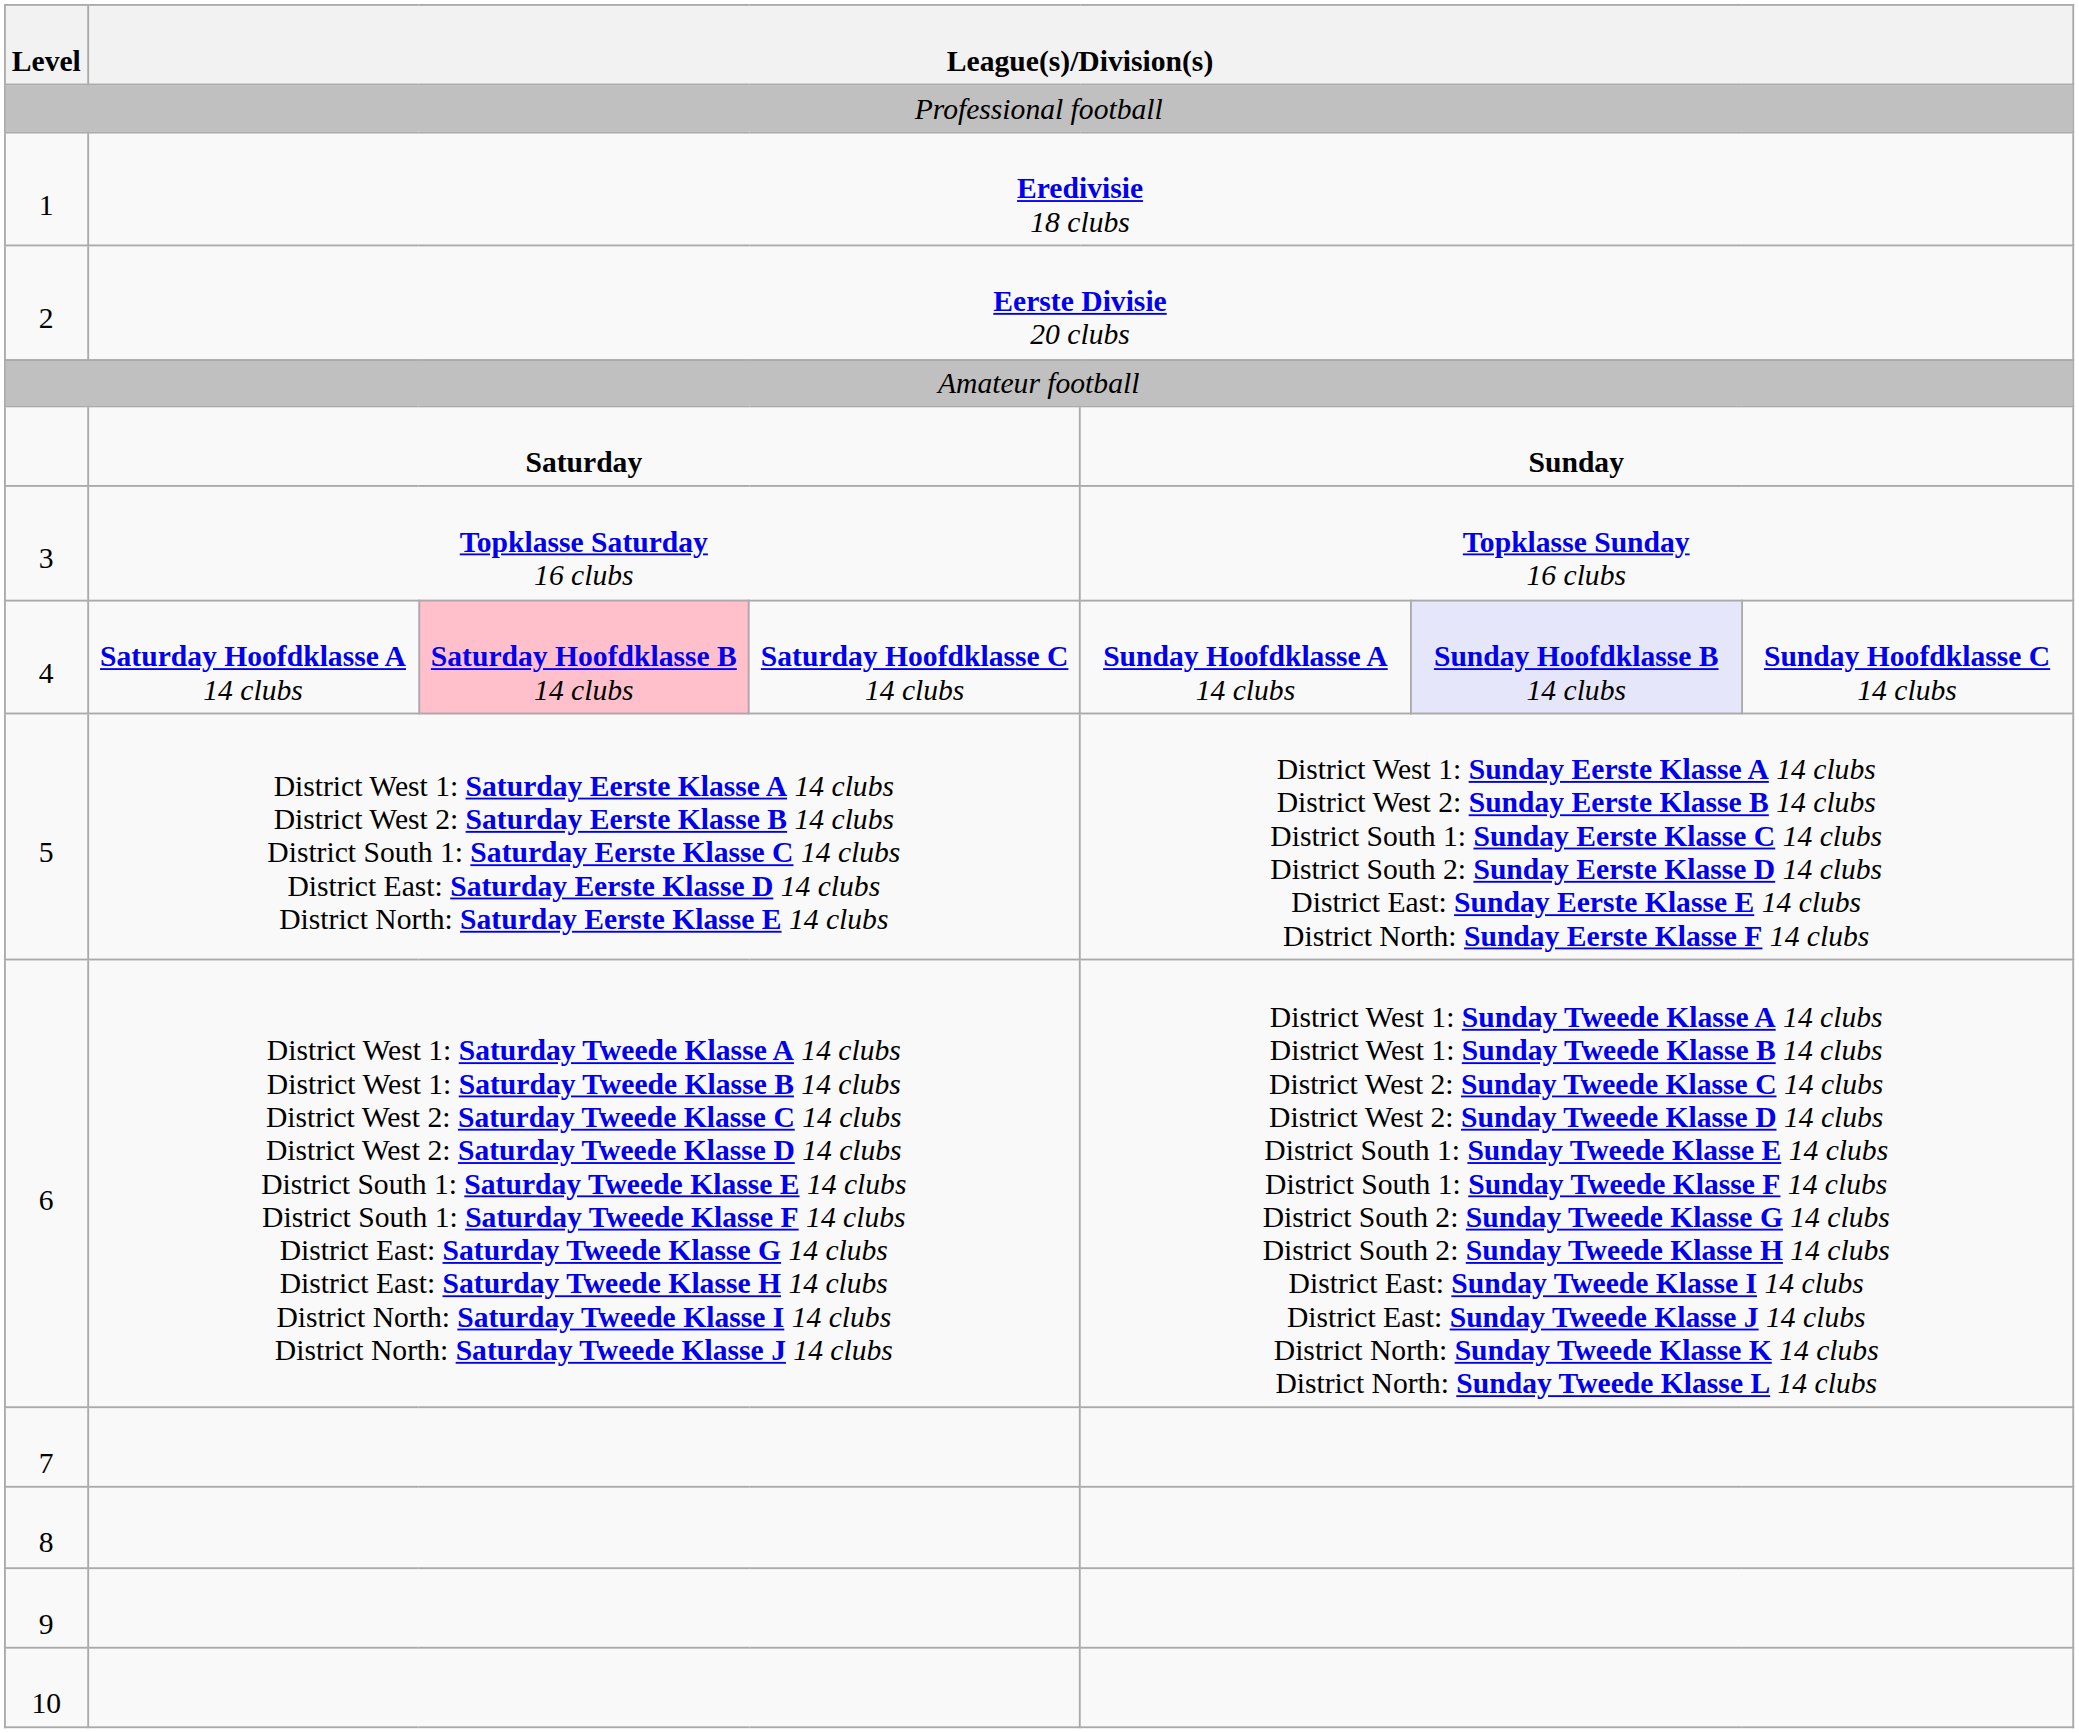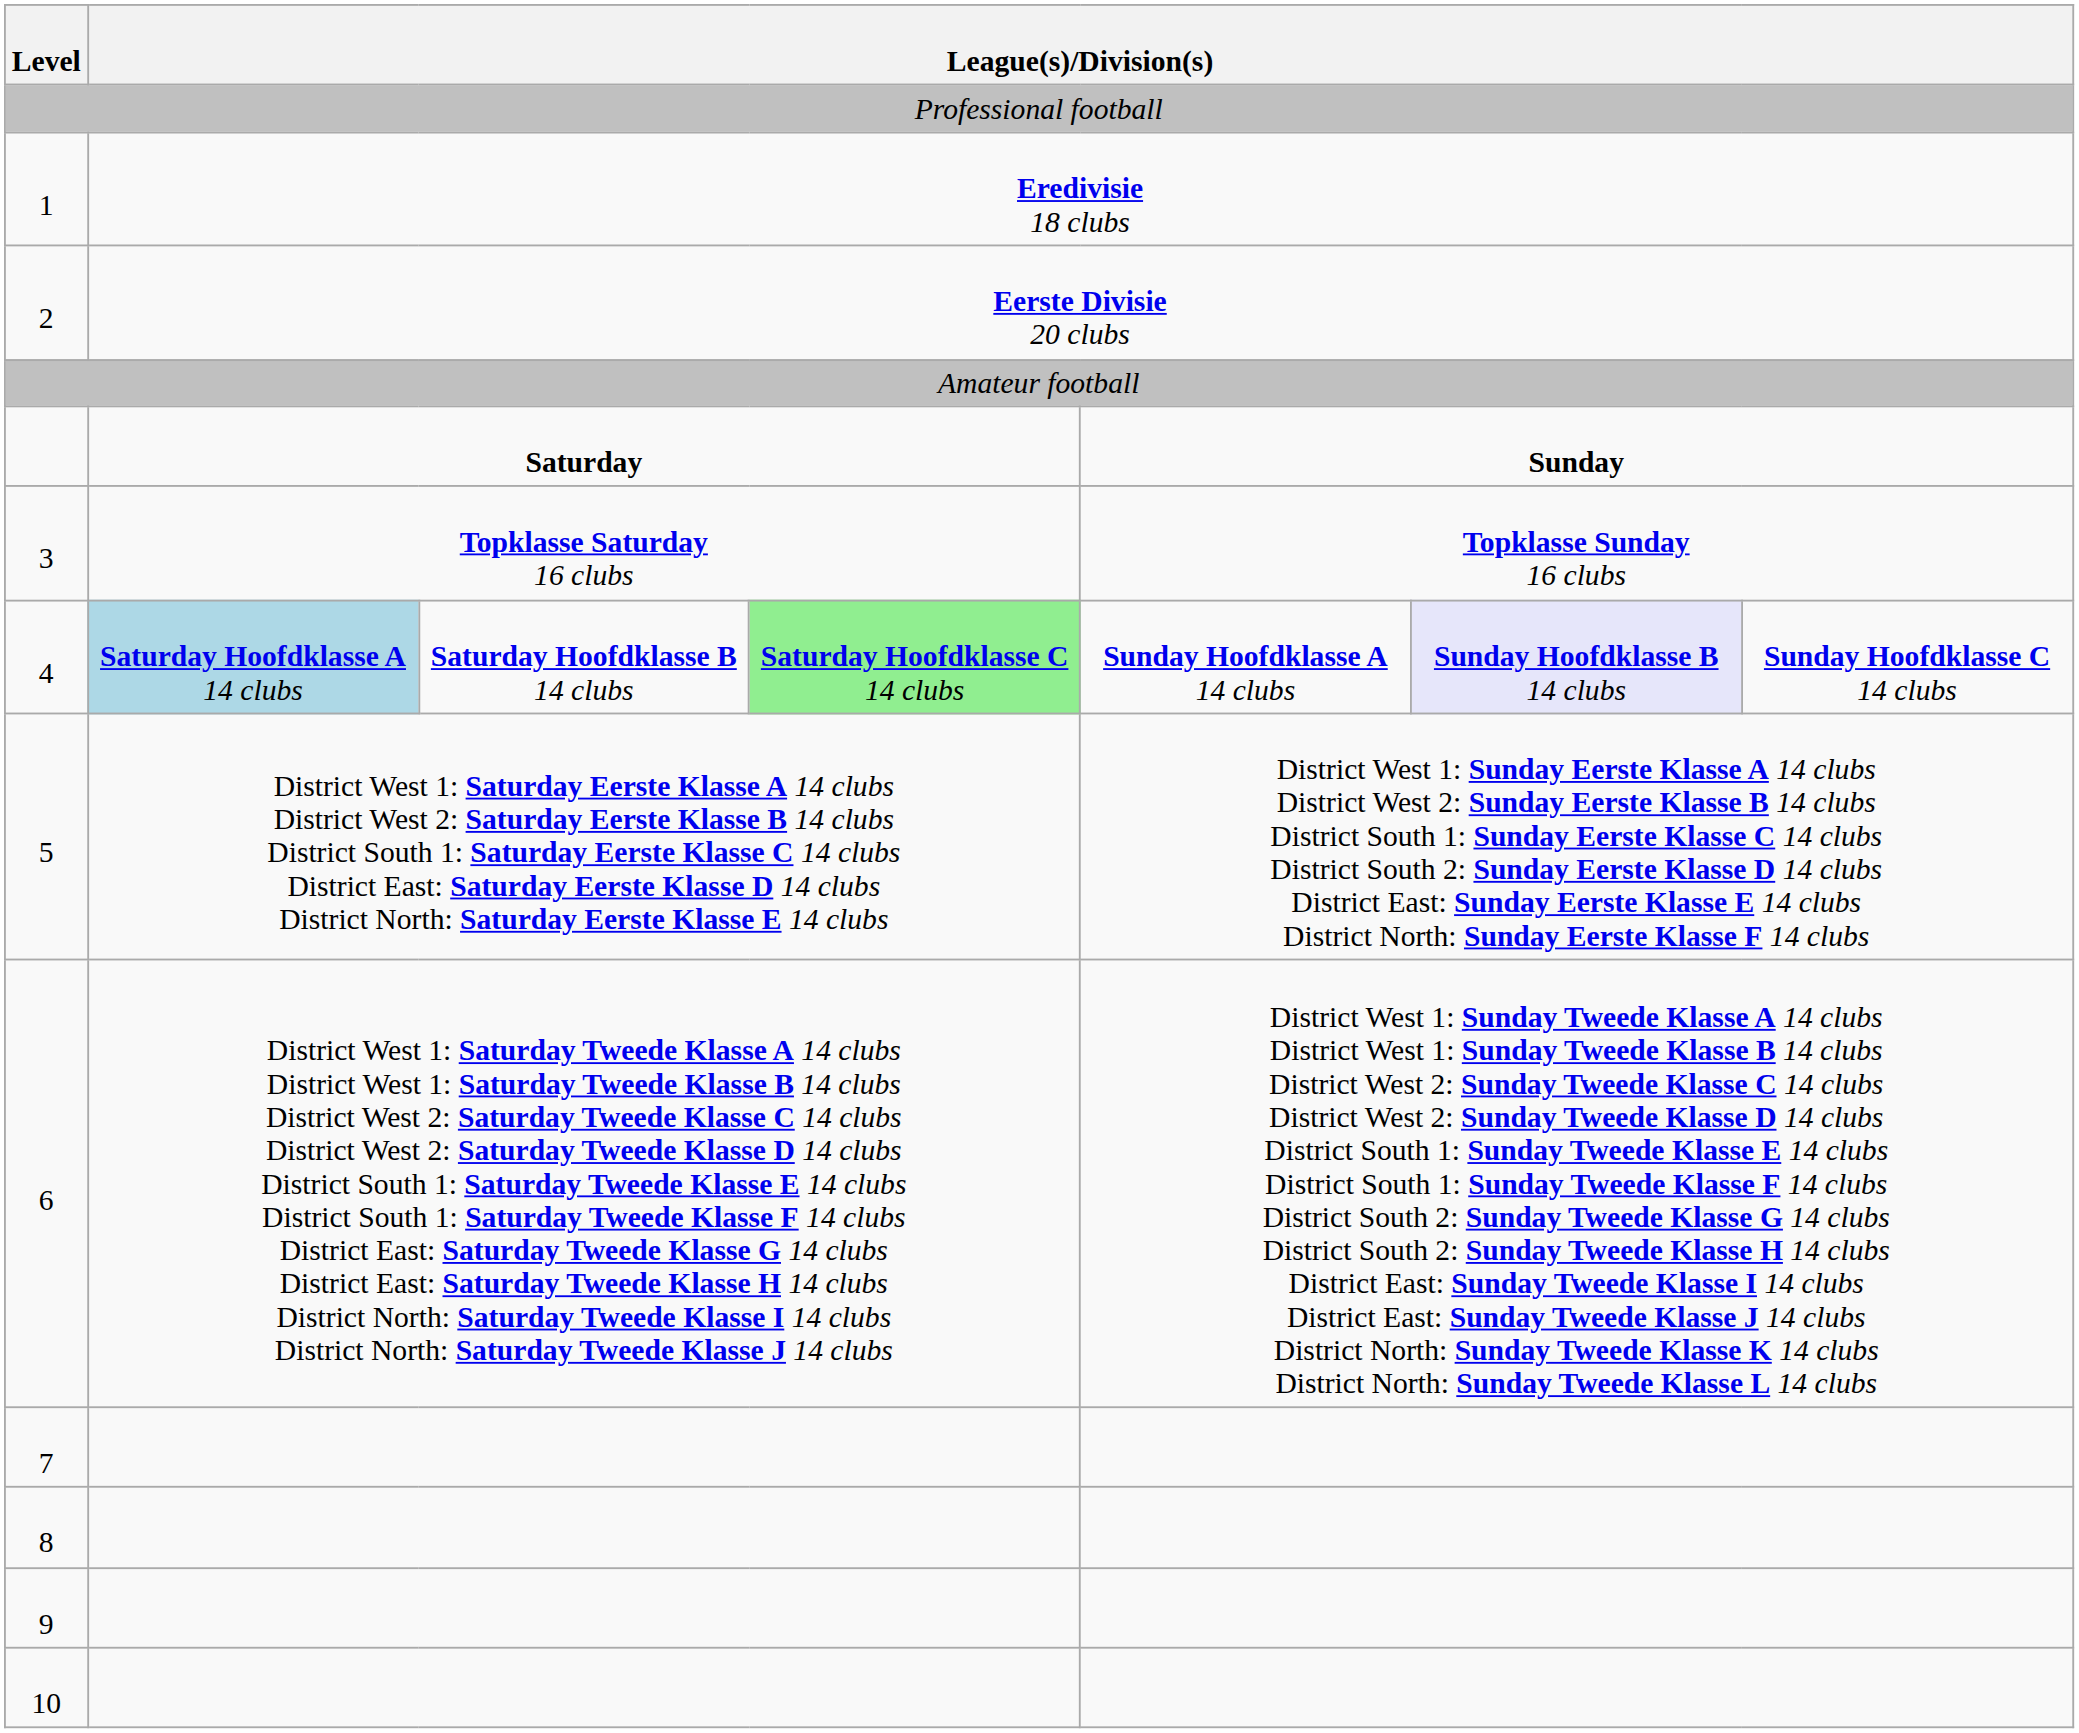 <table class="wikitable" style="text-align: center;">
 <tr>
 <th style="width:4%;"><br>Level</th>
 <th colspan="6" style="width:96%;"><br>League(s)/Division(s)</th>
 </tr>
 <tr>
 <td colspan="7"  style="background:silver; text-align:center;"><em>Professional football</em></td>
 </tr>
 <tr>
 <td style="width:4%;"><br>1</td>
 <td colspan="6" style="width:96%;"><br><strong><a href='#'>Eredivisie</a></strong><br> <em>18 clubs</em></td>
 </tr>
 <tr>
 <td style="width:4%;"><br>2</td>
 <td colspan="6" style="width:96%;"><br><strong><a href='#'>Eerste Divisie</a></strong><br> <em>20 clubs</em></td>
 </tr>
 <tr>
 <td colspan="7"  style="background:silver; text-align:center;"><em>Amateur football</em></td>
 </tr>
 <tr>
 <td style="width:4%;"></td>
 <td colspan="3" style="width:48%;"><br><strong>Saturday</strong></td>
 <td colspan="3" style="width:48%;"><br><strong>Sunday</strong></td>
 </tr>
 <tr>
 <td style="width:4%;"><br>3</td>
 <td colspan="3" style="width:48%;"><br><strong><a href='#'>Topklasse Saturday</a></strong><br> <em>16 clubs</em></td>
 <td colspan="3" style="width:48%;"><br><strong><a href='#'>Topklasse Sunday</a></strong><br> <em>16 clubs</em></td>
 </tr>
 <tr>
 <td style="width:4%;"><br>4</td>
-<td style="width:16%;"><br><strong><a href='#'>Saturday Hoofdklasse A</a></strong><br> <em>14 clubs</em></td>
-<td style="background: pink; width:16%;"><br><strong><a href='#'>Saturday Hoofdklasse B</a></strong><br> <em>14 clubs</em></td>
-<td style="width:16%;"><br><strong><a href='#'>Saturday Hoofdklasse C</a></strong><br> <em>14 clubs</em></td>
+<td style="background: lightblue; width:16%;"><br><strong><a href='#'>Saturday Hoofdklasse A</a></strong><br> <em>14 clubs</em></td>
+<td style="width:16%;"><br><strong><a href='#'>Saturday Hoofdklasse B</a></strong><br> <em>14 clubs</em></td>
+<td style="background: lightgreen; width:16%;"><br><strong><a href='#'>Saturday Hoofdklasse C</a></strong><br> <em>14 clubs</em></td>
 <td style="width:16%;"><br><strong><a href='#'>Sunday Hoofdklasse A</a></strong><br> <em>14 clubs</em></td>
 <td style="background: lavender; width:16%;"><br><strong><a href='#'>Sunday Hoofdklasse B</a></strong><br> <em>14 clubs</em></td>
 <td style="width:16%;"><br><strong><a href='#'>Sunday Hoofdklasse C</a></strong><br> <em>14 clubs</em></td>
 </tr>
 <tr>
 <td style="width:4%;"><br>5</td>
 <td colspan="3" style="width:48%;"><br>District West 1: <strong><a href='#'>Saturday Eerste Klasse A</a></strong> <em>14 clubs</em> <br> District West 2: <strong><a href='#'>Saturday Eerste Klasse B</a></strong> <em>14 clubs</em> <br> District South 1: <strong><a href='#'>Saturday Eerste Klasse C</a></strong> <em>14 clubs</em> <br> District East: <strong><a href='#'>Saturday Eerste Klasse D</a></strong> <em>14 clubs</em> <br> District North: <strong><a href='#'>Saturday Eerste Klasse E</a></strong> <em>14 clubs</em> <br> </td>
 <td colspan="3" style="width:48%;"><br>District West 1: <strong><a href='#'>Sunday Eerste Klasse A</a></strong> <em>14 clubs</em> <br> District West 2: <strong><a href='#'>Sunday Eerste Klasse B</a></strong> <em>14 clubs</em> <br> District South 1: <strong><a href='#'>Sunday Eerste Klasse C</a></strong> <em>14 clubs</em> <br> District South 2: <strong><a href='#'>Sunday Eerste Klasse D</a></strong> <em>14 clubs</em> <br> District East: <strong><a href='#'>Sunday Eerste Klasse E</a></strong> <em>14 clubs</em> <br> District North: <strong><a href='#'>Sunday Eerste Klasse F</a></strong> <em>14 clubs</em> <br> </td>
 </tr>
 <tr>
 <td style="width:4%;"><br>6</td>
 <td colspan="3" style="width:48%;"><br>District West 1: <strong><a href='#'>Saturday Tweede Klasse A</a></strong> <em>14 clubs</em> <br> District West 1: <strong><a href='#'>Saturday Tweede Klasse B</a></strong> <em>14 clubs</em> <br> District West 2: <strong><a href='#'>Saturday Tweede Klasse C</a></strong> <em>14 clubs</em> <br> District West 2: <strong><a href='#'>Saturday Tweede Klasse D</a></strong> <em>14 clubs</em> <br> District South 1: <strong><a href='#'>Saturday Tweede Klasse E</a></strong> <em>14 clubs</em> <br> District South 1: <strong><a href='#'>Saturday Tweede Klasse F</a></strong> <em>14 clubs</em> <br> District East: <strong><a href='#'>Saturday Tweede Klasse G</a></strong> <em>14 clubs</em> <br> District East: <strong><a href='#'>Saturday Tweede Klasse H</a></strong> <em>14 clubs</em> <br> District North: <strong><a href='#'>Saturday Tweede Klasse I</a></strong> <em>14 clubs</em> <br> District North: <strong><a href='#'>Saturday Tweede Klasse J</a></strong> <em>14 clubs</em> <br> </td>
 <td colspan="3" style="width:48%;"><br>District West 1: <strong><a href='#'>Sunday Tweede Klasse A</a></strong> <em>14 clubs</em> <br> District West 1: <strong><a href='#'>Sunday Tweede Klasse B</a></strong> <em>14 clubs</em> <br> District West 2: <strong><a href='#'>Sunday Tweede Klasse C</a></strong> <em>14 clubs</em> <br> District West 2: <strong><a href='#'>Sunday Tweede Klasse D</a></strong> <em>14 clubs</em> <br> District South 1: <strong><a href='#'>Sunday Tweede Klasse E</a></strong> <em>14 clubs</em> <br> District South 1: <strong><a href='#'>Sunday Tweede Klasse F</a></strong> <em>14 clubs</em> <br> District South 2: <strong><a href='#'>Sunday Tweede Klasse G</a></strong> <em>14 clubs</em> <br> District South 2: <strong><a href='#'>Sunday Tweede Klasse H</a></strong> <em>14 clubs</em> <br> District East: <strong><a href='#'>Sunday Tweede Klasse I</a></strong> <em>14 clubs</em> <br> District East: <strong><a href='#'>Sunday Tweede Klasse J</a></strong> <em>14 clubs</em> <br> District North: <strong><a href='#'>Sunday Tweede Klasse K</a></strong> <em>14 clubs</em> <br> District North: <strong><a href='#'>Sunday Tweede Klasse L</a></strong> <em>14 clubs</em> <br> </td>
 </tr>
 <tr>
 <td style="width:4%;"><br>7</td>
 <td colspan="3" style="width:48%;"><br></td>
 <td colspan="3" style="width:48%;"><br></td>
 </tr>
 <tr>
 <td style="width:4%;"><br>8</td>
 <td colspan="3" style="width:48%;"><br></td>
 <td colspan="3" style="width:48%;"><br></td>
 </tr>
 <tr>
 <td style="width:4%;"><br>9</td>
 <td colspan="3" style="width:48%;"><br></td>
 <td colspan="3" style="width:48%;"><br></td>
 </tr>
 <tr>
 <td style="width:4%;"><br>10</td>
 <td colspan="3" style="width:48%;"><br></td>
 <td colspan="3" style="width:48%;"><br></td>
 </tr>
 </table>
